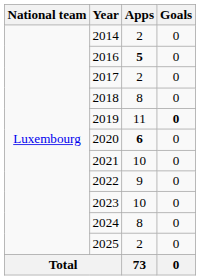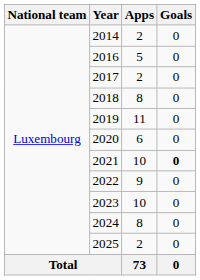 <table class=wikitable style=text-align:center>
 <tr>
 <th>National team</th>
 <th>Year</th>
 <th>Apps</th>
 <th>Goals</th>
 </tr>
 <tr>
 <td rowspan="11"><a href='#'>Luxembourg</a></td>
 <td>2014</td>
 <td>2</td>
 <td>0</td>
 </tr>
 <tr>
 <td>2016</td>
-<td><strong>5</strong></td>
+<td>5</td>
 <td>0</td>
 </tr>
 <tr>
 <td>2017</td>
 <td>2</td>
 <td>0</td>
 </tr>
 <tr>
 <td>2018</td>
 <td>8</td>
 <td>0</td>
 </tr>
 <tr>
 <td>2019</td>
 <td>11</td>
-<td><strong>0</strong></td>
+<td>0</td>
 </tr>
 <tr>
 <td>2020</td>
-<td><strong>6</strong></td>
+<td>6</td>
 <td>0</td>
 </tr>
 <tr>
 <td>2021</td>
 <td>10</td>
-<td>0</td>
+<td><strong>0</strong></td>
 </tr>
 <tr>
 <td>2022</td>
 <td>9</td>
 <td>0</td>
 </tr>
 <tr>
 <td>2023</td>
 <td>10</td>
 <td>0</td>
 </tr>
 <tr>
 <td>2024</td>
 <td>8</td>
 <td>0</td>
 </tr>
 <tr>
 <td>2025</td>
 <td>2</td>
 <td>0</td>
 </tr>
 <tr>
 <th colspan="2">Total</th>
 <th>73</th>
 <th>0</th>
 </tr>
 </table>
